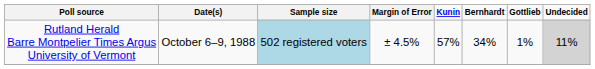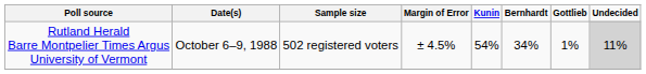 <table class="wikitable" style="text-align:center;font-size:small;">
 <tr>
 <th style="font-size:88%"><small>Poll source</small></th>
 <th style="font-size:88%"><small>Date(s)</small></th>
 <th style="font-size:88%"><small>Sample size</small></th>
 <th style="font-size:88%"><small>Margin of Error</small></th>
 <td style="font-size:88%"><small><strong><a href='#'>Kunin</a></strong></small></td>
 <td style="font-size:88%"><small><strong>Bernhardt</strong></small></td>
 <td style="font-size:88%"><small><strong>Gottlieb</strong></small></td>
 <td style="font-size:88%"><small><strong>Undecided</strong></small></td>
 </tr>
 <tr>
 <td><a href='#'>Rutland Herald</a> <br> <a href='#'>Barre Montpelier Times Argus</a> <br> <a href='#'>University of Vermont</a></td>
 <td>October 6–9, 1988</td>
-<td style="background: lightblue;">502 registered voters</td>
+<td>502 registered voters</td>
 <td>± 4.5%</td>
-<td>57%<em><strong></td>
+<td>54%<em><strong></td>
 <td>34%</td>
 <td>1%</td>
 <td style="background: lightgrey;">11%</td>
 </tr>
 <tr>
 </tr>
 </table>
